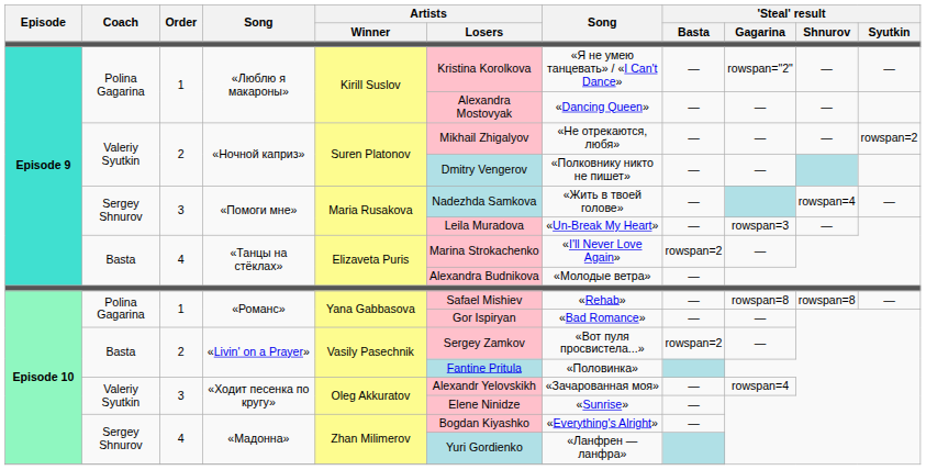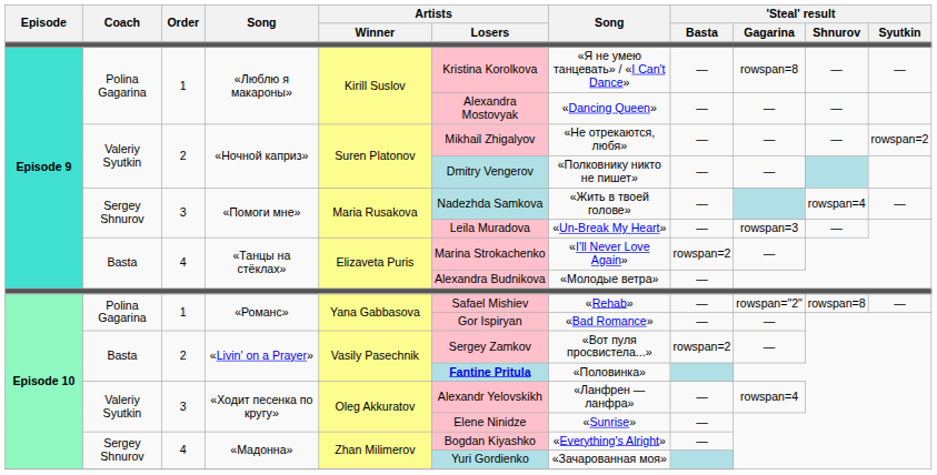 <table class="wikitable" style="text-align: center; width:100%;">
 <tr>
 <th rowspan=2 width="10%">Episode</th>
 <th rowspan=2 width="10%">Coach</th>
 <th rowspan=2 width="5%">Order</th>
 <th rowspan=2 width="15%">Song</th>
 <th colspan=2 width="30%">Artists</th>
 <th rowspan=2 width="15%">Song</th>
 <th colspan="4" style="width:20%;">'Steal' result</th>
 </tr>
 <tr>
 <th width="15%">Winner</th>
 <th width="15%">Losers</th>
 <th style="width:05%;">Basta</th>
 <th style="width:05%;">Gagarina</th>
 <th style="width:05%;">Shnurov</th>
 <th style="width:05%;">Syutkin</th>
 </tr>
 <tr>
 <td colspan="11" style="background:#555;"></td>
 </tr>
 <tr>
 <th rowspan=8 style="background:turquoise;">Episode 9<br><small></small> </th>
 <td rowspan=2>Polina Gagarina</td>
 <td rowspan=2>1</td>
 <td rowspan=2>«Люблю я макароны»</td>
 <td rowspan=2 style="background:#fdfc8f;">Kirill Suslov</td>
 <td style="background:pink;">Kristina Korolkova</td>
 <td>«Я не умею танцевать» / «<a href='#'>I Can't Dance</a>»</td>
 <td>—</td>
-<td>rowspan="2" </td>
+<td>rowspan=8 </td>
 <td>—</td>
 <td>—</td>
 </tr>
 <tr>
 <td style="background:pink;">Alexandra Mostovyak</td>
 <td>«<a href='#'>Dancing Queen</a>»</td>
 <td>—</td>
 <td>—</td>
 <td>—</td>
 </tr>
 <tr>
 <td rowspan=2>Valeriy Syutkin</td>
 <td rowspan=2>2</td>
 <td rowspan=2>«Ночной каприз»</td>
 <td rowspan=2 style="background:#fdfc8f;">Suren Platonov</td>
 <td style="background:pink;">Mikhail Zhigalyov</td>
 <td>«Не отрекаются, любя»</td>
 <td>—</td>
 <td>—</td>
 <td>—</td>
 <td>rowspan=2 </td>
 </tr>
 <tr>
 <td style="background:#b0e0e6;">Dmitry Vengerov</td>
 <td>«Полковнику никто не пишет»</td>
 <td>—</td>
 <td>—</td>
 <td style="background:#b0e0e6;"><strong></strong></td>
 </tr>
 <tr>
 <td rowspan=2>Sergey Shnurov</td>
 <td rowspan=2>3</td>
 <td rowspan=2>«Помоги мне»</td>
 <td rowspan=2 style="background:#fdfc8f;">Maria Rusakova</td>
 <td style="background:#b0e0e6;">Nadezhda Samkova</td>
 <td>«Жить в твоей голове»</td>
 <td>—</td>
 <td style="background:#b0e0e6;"><strong></strong></td>
 <td>rowspan=4 </td>
 <td>—</td>
 </tr>
 <tr>
 <td style="background:pink;">Leila Muradova</td>
 <td>«<a href='#'>Un-Break My Heart</a>»</td>
 <td>—</td>
 <td>rowspan=3 </td>
 <td>—</td>
 </tr>
 <tr>
 <td rowspan=2>Basta</td>
 <td rowspan=2>4</td>
 <td rowspan=2>«Танцы на стёклах»</td>
 <td rowspan=2 style="background:#fdfc8f;">Elizaveta Puris</td>
 <td style="background:pink;">Marina Strokachenko</td>
 <td>«<a href='#'>I'll Never Love Again</a>»</td>
 <td>rowspan=2 </td>
 <td>—</td>
 </tr>
 <tr>
 <td style="background:pink;">Alexandra Budnikova</td>
 <td>«Молодые ветра»</td>
 <td>—</td>
 </tr>
 <tr>
 <td colspan="11" style="background:#555;"></td>
 </tr>
 <tr>
 <th rowspan=8 style="background:#8ff7c0;">Episode 10<br><small></small> </th>
 <td rowspan=2>Polina Gagarina</td>
 <td rowspan=2>1</td>
 <td rowspan=2>«Романс»</td>
 <td rowspan=2 style="background:#fdfc8f;">Yana Gabbasova</td>
 <td style="background:pink;">Safael Mishiev</td>
 <td>«<a href='#'>Rehab</a>»</td>
 <td>—</td>
-<td>rowspan=8 </td>
+<td>rowspan="2" </td>
 <td>rowspan=8 </td>
 <td>—</td>
 </tr>
 <tr>
 <td style="background:pink;">Gor Ispiryan</td>
 <td>«<a href='#'>Bad Romance</a>»</td>
 <td>—</td>
 <td>—</td>
 </tr>
 <tr>
 <td rowspan=2>Basta</td>
 <td rowspan=2>2</td>
 <td rowspan=2>«<a href='#'>Livin' on a Prayer</a>»</td>
 <td rowspan=2 style="background:#fdfc8f;">Vasily Pasechnik</td>
 <td style="background:pink;">Sergey Zamkov</td>
 <td>«Вот пуля просвистела...»</td>
 <td>rowspan=2 </td>
 <td>—</td>
 </tr>
 <tr>
-<td style="background:#b0e0e6;"><a href='#'>Fantine Pritula</a></td>
+<td style="background:#b0e0e6;"><strong><a href='#'>Fantine Pritula</a></strong></td>
 <td>«Половинка»</td>
 <td style="background:#b0e0e6;"><strong></strong></td>
 </tr>
 <tr>
 <td rowspan=2>Valeriy Syutkin</td>
 <td rowspan=2>3</td>
 <td rowspan=2>«Ходит песенка по кругу»</td>
 <td rowspan=2 style="background:#fdfc8f;">Oleg Akkuratov</td>
 <td style="background:pink;">Alexandr Yelovskikh</td>
-<td>«Зачарованная моя»</td>
+<td>«Ланфрен — ланфра»</td>
 <td>—</td>
 <td>rowspan=4 </td>
 </tr>
 <tr>
 <td style="background:pink;">Elene Ninidze</td>
 <td>«<a href='#'>Sunrise</a>»</td>
 <td>—</td>
 </tr>
 <tr>
 <td rowspan=2>Sergey Shnurov</td>
 <td rowspan=2>4</td>
 <td rowspan=2>«Мадонна»</td>
 <td rowspan=2 style="background:#fdfc8f;">Zhan Milimerov</td>
 <td style="background:pink;">Bogdan Kiyashko</td>
 <td>«<a href='#'>Everything's Alright</a>»</td>
 <td>—</td>
 </tr>
 <tr>
 <td style="background:#b0e0e6;">Yuri Gordienko</td>
-<td>«Ланфрен — ланфра»</td>
+<td>«Зачарованная моя»</td>
 <td style="background:#b0e0e6;"><strong></strong></td>
 </tr>
 <tr>
 </tr>
 </table>
